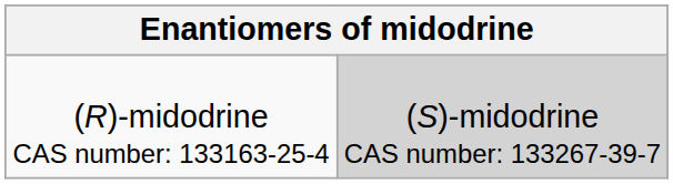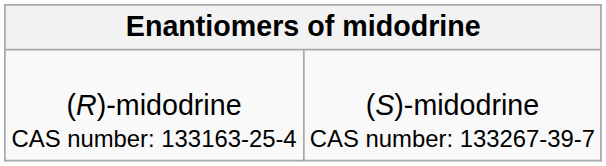 <table class="wikitable" style="text-align:center">
 <tr class="hintergrundfarbe6">
 <th colspan="2">Enantiomers of midodrine</th>
 </tr>
 <tr>
 <td><br>(<em>R</em>)-midodrine<br><small> CAS number: 133163-25-4</small></td>
-<td style="background: lightgrey;"><br>(<em>S</em>)-midodrine<br><small> CAS number: 133267-39-7</small></td>
+<td><br>(<em>S</em>)-midodrine<br><small> CAS number: 133267-39-7</small></td>
 </tr>
 </table>
